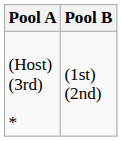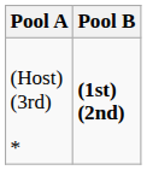 <table class="wikitable">
 <tr>
 <th width=50%>Pool A</th>
 <th width=50%>Pool B</th>
 </tr>
 <tr>
 <td><br> (Host)<br>  (3rd)<br> <br> <s></s> *</td>
-<td><br> (1st)<br>  (2nd)<br> <br> </td>
+<td><strong><br> (1st)<br>  (2nd)<br> <br> </strong></td>
 </tr>
 </table>
